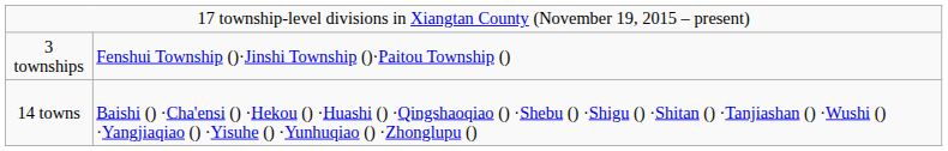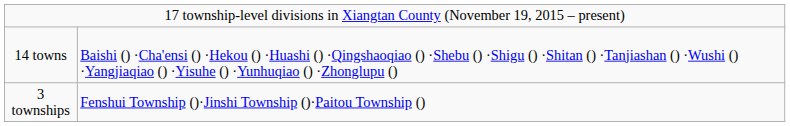 <table class="wikitable">
 <tr>
 <td style="text-align:center;" colspan="2">17 township-level divisions in <a href='#'>Xiangtan County</a> (November 19, 2015 – present)</td>
 </tr>
 <tr align=left>
+<td align=center>14 towns</td>
+<td><br><a href='#'>Baishi</a> () ·<a href='#'>Cha'ensi</a> () ·<a href='#'>Hekou</a> () ·<a href='#'>Huashi</a> () ·<a href='#'>Qingshaoqiao</a> () ·<a href='#'>Shebu</a> () ·<a href='#'>Shigu</a> () ·<a href='#'>Shitan</a> () ·<a href='#'>Tanjiashan</a> () ·<a href='#'>Wushi</a> () ·<a href='#'>Yangjiaqiao</a> () ·<a href='#'>Yisuhe</a> () ·<a href='#'>Yunhuqiao</a> () ·<a href='#'>Zhonglupu</a> ()</td>
+</tr>
+<tr align=left>
 <td align=center>3 townships</td>
 <td><a href='#'>Fenshui Township</a> ()·<a href='#'>Jinshi Township</a> ()·<a href='#'>Paitou Township</a> ()</td>
 </tr>
-<tr align=left>
-<td align=center>14 towns</td>
-<td><br><a href='#'>Baishi</a> () ·<a href='#'>Cha'ensi</a> () ·<a href='#'>Hekou</a> () ·<a href='#'>Huashi</a> () ·<a href='#'>Qingshaoqiao</a> () ·<a href='#'>Shebu</a> () ·<a href='#'>Shigu</a> () ·<a href='#'>Shitan</a> () ·<a href='#'>Tanjiashan</a> () ·<a href='#'>Wushi</a> () ·<a href='#'>Yangjiaqiao</a> () ·<a href='#'>Yisuhe</a> () ·<a href='#'>Yunhuqiao</a> () ·<a href='#'>Zhonglupu</a> ()</td>
-</tr>
 </table>
